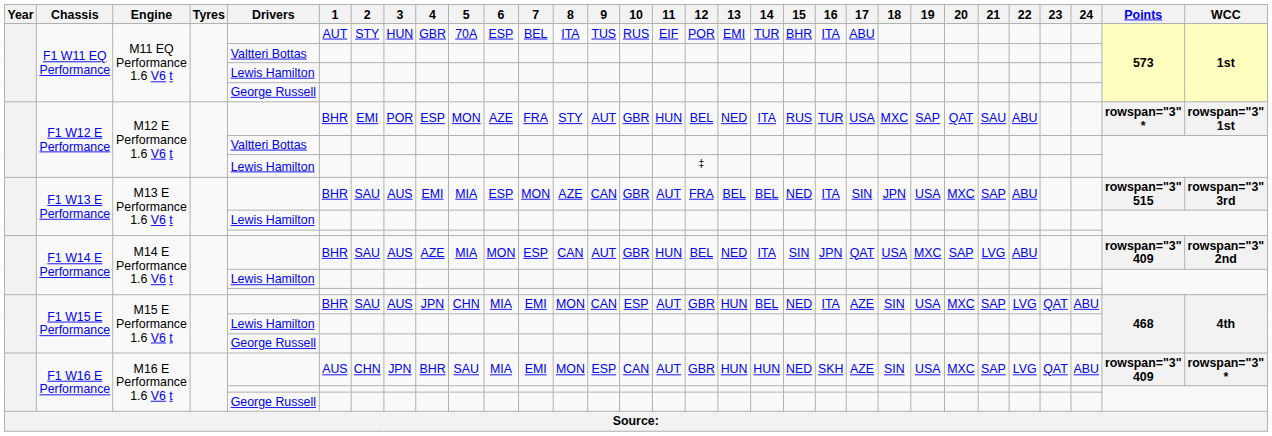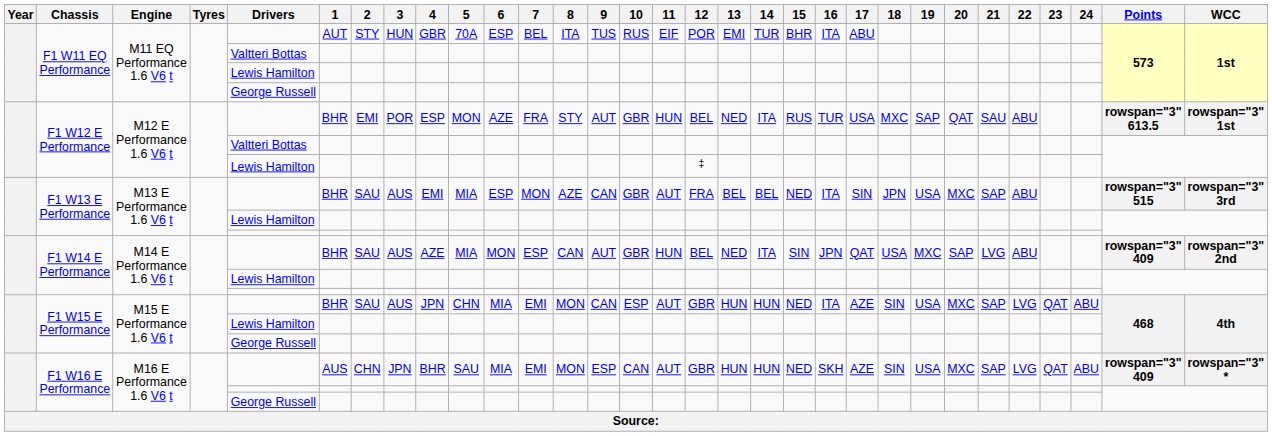 <table class="wikitable" style="text-align:center; font-size:85%">
 <tr>
 <th>Year</th>
 <th>Chassis</th>
 <th>Engine</th>
 <th>Tyres</th>
 <th>Drivers</th>
 <th>1</th>
 <th>2</th>
 <th>3</th>
 <th>4</th>
 <th>5</th>
 <th>6</th>
 <th>7</th>
 <th>8</th>
 <th>9</th>
 <th>10</th>
 <th>11</th>
 <th>12</th>
 <th>13</th>
 <th>14</th>
 <th>15</th>
 <th>16</th>
 <th>17</th>
 <th>18</th>
 <th>19</th>
 <th>20</th>
 <th>21</th>
 <th>22</th>
 <th>23</th>
 <th>24</th>
 <th><a href='#'>Points</a></th>
 <th>WCC</th>
 </tr>
 <tr>
 <th rowspan="4"></th>
 <td rowspan="4"><a href='#'>F1 W11 EQ Performance</a></td>
 <td rowspan="4">M11 EQ Performance 1.6 <a href='#'>V6</a> <a href='#'>t</a></td>
 <td rowspan="4"></td>
 <td></td>
 <td><a href='#'>AUT</a></td>
 <td><a href='#'>STY</a></td>
 <td><a href='#'>HUN</a></td>
 <td><a href='#'>GBR</a></td>
 <td><a href='#'>70A</a></td>
 <td><a href='#'>ESP</a></td>
 <td><a href='#'>BEL</a></td>
 <td><a href='#'>ITA</a></td>
 <td><a href='#'>TUS</a></td>
 <td><a href='#'>RUS</a></td>
 <td><a href='#'>EIF</a></td>
 <td><a href='#'>POR</a></td>
 <td><a href='#'>EMI</a></td>
 <td><a href='#'>TUR</a></td>
 <td><a href='#'>BHR</a></td>
 <td><a href='#'>ITA</a></td>
 <td><a href='#'>ABU</a></td>
 <td></td>
 <td></td>
 <td></td>
 <td></td>
 <td></td>
 <td></td>
 <td></td>
 <th rowspan="4" style="background-color:#ffffbf">573</th>
 <th rowspan="4" style="background-color:#ffffbf">1st</th>
 </tr>
 <tr>
 <td align="left"> <a href='#'>Valtteri Bottas</a></td>
 <td></td>
 <td></td>
 <td></td>
 <td></td>
 <td></td>
 <td></td>
 <td></td>
 <td></td>
 <td></td>
 <td></td>
 <td></td>
 <td></td>
 <td></td>
 <td></td>
 <td></td>
 <td></td>
 <td></td>
 <td></td>
 <td></td>
 <td></td>
 <td></td>
 <td></td>
 <td></td>
 <td></td>
 </tr>
 <tr>
 <td nowrap align="left"> <a href='#'>Lewis Hamilton</a></td>
 <td></td>
 <td></td>
 <td></td>
 <td></td>
 <td></td>
 <td></td>
 <td></td>
 <td></td>
 <td></td>
 <td></td>
 <td></td>
 <td></td>
 <td></td>
 <td></td>
 <td></td>
 <td></td>
 <td></td>
 <td></td>
 <td></td>
 <td></td>
 <td></td>
 <td></td>
 <td></td>
 <td></td>
 </tr>
 <tr>
 <td align="left" nowrap> <a href='#'>George Russell</a></td>
 <td></td>
 <td></td>
 <td></td>
 <td></td>
 <td></td>
 <td></td>
 <td></td>
 <td></td>
 <td></td>
 <td></td>
 <td></td>
 <td></td>
 <td></td>
 <td></td>
 <td></td>
 <td></td>
 <td></td>
 <td></td>
 <td></td>
 <td></td>
 <td></td>
 <td></td>
 <td></td>
 <td></td>
 </tr>
 <tr>
 <th rowspan="3"></th>
 <td rowspan="3"><a href='#'>F1 W12 E Performance</a></td>
 <td rowspan="3">M12 E Performance 1.6 <a href='#'>V6</a> <a href='#'>t</a></td>
 <td rowspan="3"></td>
 <td></td>
 <td><a href='#'>BHR</a></td>
 <td><a href='#'>EMI</a></td>
 <td><a href='#'>POR</a></td>
 <td><a href='#'>ESP</a></td>
 <td><a href='#'>MON</a></td>
 <td><a href='#'>AZE</a></td>
 <td><a href='#'>FRA</a></td>
 <td><a href='#'>STY</a></td>
 <td><a href='#'>AUT</a></td>
 <td><a href='#'>GBR</a></td>
 <td><a href='#'>HUN</a></td>
 <td><a href='#'>BEL</a></td>
 <td><a href='#'>NED</a></td>
 <td><a href='#'>ITA</a></td>
 <td><a href='#'>RUS</a></td>
 <td><a href='#'>TUR</a></td>
 <td><a href='#'>USA</a></td>
 <td><a href='#'>MXC</a></td>
 <td><a href='#'>SAP</a></td>
 <td><a href='#'>QAT</a></td>
 <td><a href='#'>SAU</a></td>
 <td><a href='#'>ABU</a></td>
 <td></td>
 <td></td>
-<th>rowspan="3" *</th>
+<th>rowspan="3"  613.5</th>
 <th>rowspan="3"  1st</th>
 </tr>
 <tr>
 <td align="left"> <a href='#'>Valtteri Bottas</a></td>
 <td></td>
 <td></td>
 <td></td>
 <td></td>
 <td></td>
 <td></td>
 <td></td>
 <td></td>
 <td></td>
 <td></td>
 <td></td>
 <td></td>
 <td></td>
 <td></td>
 <td></td>
 <td></td>
 <td></td>
 <td></td>
 <td></td>
 <td></td>
 <td></td>
 <td></td>
 <td></td>
 <td></td>
 </tr>
 <tr>
 <td align="left"> <a href='#'>Lewis Hamilton</a></td>
 <td></td>
 <td></td>
 <td></td>
 <td></td>
 <td></td>
 <td></td>
 <td></td>
 <td></td>
 <td></td>
 <td></td>
 <td></td>
 <td><sup>‡</sup></td>
 <td></td>
 <td></td>
 <td></td>
 <td></td>
 <td></td>
 <td></td>
 <td></td>
 <td></td>
 <td></td>
 <td></td>
 <td></td>
 <td></td>
 </tr>
 <tr>
 <th rowspan="3"></th>
 <td rowspan="3"><a href='#'>F1 W13 E Performance</a></td>
 <td rowspan="3">M13 E Performance 1.6 <a href='#'>V6</a> <a href='#'>t</a></td>
 <td rowspan="3"></td>
 <td></td>
 <td><a href='#'>BHR</a></td>
 <td><a href='#'>SAU</a></td>
 <td><a href='#'>AUS</a></td>
 <td><a href='#'>EMI</a></td>
 <td><a href='#'>MIA</a></td>
 <td><a href='#'>ESP</a></td>
 <td><a href='#'>MON</a></td>
 <td><a href='#'>AZE</a></td>
 <td><a href='#'>CAN</a></td>
 <td><a href='#'>GBR</a></td>
 <td><a href='#'>AUT</a></td>
 <td><a href='#'>FRA</a></td>
 <td><a href='#'>BEL</a></td>
 <td><a href='#'>BEL</a></td>
 <td><a href='#'>NED</a></td>
 <td><a href='#'>ITA</a></td>
 <td><a href='#'>SIN</a></td>
 <td><a href='#'>JPN</a></td>
 <td><a href='#'>USA</a></td>
 <td><a href='#'>MXC</a></td>
 <td><a href='#'>SAP</a></td>
 <td><a href='#'>ABU</a></td>
 <td></td>
 <td></td>
 <th>rowspan="3"  515</th>
 <th>rowspan="3"  3rd</th>
 </tr>
 <tr>
 <td align="left"> <a href='#'>Lewis Hamilton</a></td>
 <td></td>
 <td></td>
 <td></td>
 <td></td>
 <td></td>
 <td></td>
 <td></td>
 <td></td>
 <td></td>
 <td></td>
 <td></td>
 <td></td>
 <td></td>
 <td></td>
 <td></td>
 <td></td>
 <td></td>
 <td></td>
 <td></td>
 <td></td>
 <td></td>
 <td></td>
 <td></td>
 <td></td>
 </tr>
 <tr>
 <td align=left></td>
 <td></td>
 <td></td>
 <td></td>
 <td></td>
 <td></td>
 <td></td>
 <td></td>
 <td></td>
 <td></td>
 <td></td>
 <td></td>
 <td></td>
 <td></td>
 <td></td>
 <td></td>
 <td></td>
 <td></td>
 <td></td>
 <td></td>
 <td></td>
 <td></td>
 <td></td>
 <td></td>
 <td></td>
 </tr>
 <tr>
 <th rowspan="3"></th>
 <td rowspan="3"><a href='#'>F1 W14 E Performance</a></td>
 <td rowspan="3">M14 E Performance 1.6 <a href='#'>V6</a> <a href='#'>t</a></td>
 <td rowspan="3"></td>
 <td></td>
 <td><a href='#'>BHR</a></td>
 <td><a href='#'>SAU</a></td>
 <td><a href='#'>AUS</a></td>
 <td><a href='#'>AZE</a></td>
 <td><a href='#'>MIA</a></td>
 <td><a href='#'>MON</a></td>
 <td><a href='#'>ESP</a></td>
 <td><a href='#'>CAN</a></td>
 <td><a href='#'>AUT</a></td>
 <td><a href='#'>GBR</a></td>
 <td><a href='#'>HUN</a></td>
 <td><a href='#'>BEL</a></td>
 <td><a href='#'>NED</a></td>
 <td><a href='#'>ITA</a></td>
 <td><a href='#'>SIN</a></td>
 <td><a href='#'>JPN</a></td>
 <td><a href='#'>QAT</a></td>
 <td><a href='#'>USA</a></td>
 <td><a href='#'>MXC</a></td>
 <td><a href='#'>SAP</a></td>
 <td><a href='#'>LVG</a></td>
 <td><a href='#'>ABU</a></td>
 <td></td>
 <td></td>
 <th>rowspan="3"  409</th>
 <th>rowspan="3"  2nd</th>
 </tr>
 <tr>
 <td align="left"> <a href='#'>Lewis Hamilton</a></td>
 <td></td>
 <td></td>
 <td></td>
 <td></td>
 <td></td>
 <td></td>
 <td></td>
 <td></td>
 <td></td>
 <td></td>
 <td></td>
 <td></td>
 <td></td>
 <td></td>
 <td></td>
 <td></td>
 <td></td>
 <td></td>
 <td></td>
 <td></td>
 <td></td>
 <td></td>
 <td></td>
 <td></td>
 </tr>
 <tr>
 <td align=left></td>
 <td></td>
 <td></td>
 <td></td>
 <td></td>
 <td></td>
 <td></td>
 <td></td>
 <td></td>
 <td></td>
 <td></td>
 <td></td>
 <td></td>
 <td></td>
 <td></td>
 <td></td>
 <td></td>
 <td></td>
 <td></td>
 <td></td>
 <td></td>
 <td></td>
 <td></td>
 <td></td>
 <td></td>
 </tr>
 <tr>
 <th rowspan="3"></th>
 <td rowspan="3"><a href='#'>F1 W15 E Performance</a></td>
 <td rowspan="3">M15 E Performance 1.6 <a href='#'>V6</a> <a href='#'>t</a></td>
 <td rowspan="3"></td>
 <td></td>
 <td><a href='#'>BHR</a></td>
 <td><a href='#'>SAU</a></td>
 <td><a href='#'>AUS</a></td>
 <td><a href='#'>JPN</a></td>
 <td><a href='#'>CHN</a></td>
 <td><a href='#'>MIA</a></td>
 <td><a href='#'>EMI</a></td>
 <td><a href='#'>MON</a></td>
 <td><a href='#'>CAN</a></td>
 <td><a href='#'>ESP</a></td>
 <td><a href='#'>AUT</a></td>
 <td><a href='#'>GBR</a></td>
 <td><a href='#'>HUN</a></td>
-<td><a href='#'>BEL</a></td>
+<td><a href='#'>HUN</a></td>
 <td><a href='#'>NED</a></td>
 <td><a href='#'>ITA</a></td>
 <td><a href='#'>AZE</a></td>
 <td><a href='#'>SIN</a></td>
 <td><a href='#'>USA</a></td>
 <td><a href='#'>MXC</a></td>
 <td><a href='#'>SAP</a></td>
 <td><a href='#'>LVG</a></td>
 <td><a href='#'>QAT</a></td>
 <td><a href='#'>ABU</a></td>
 <th rowspan="3">468</th>
 <th rowspan="3">4th</th>
 </tr>
 <tr>
 <td align="left"> <a href='#'>Lewis Hamilton</a></td>
 <td></td>
 <td></td>
 <td></td>
 <td></td>
 <td></td>
 <td></td>
 <td></td>
 <td></td>
 <td></td>
 <td></td>
 <td></td>
 <td></td>
 <td></td>
 <td></td>
 <td></td>
 <td></td>
 <td></td>
 <td></td>
 <td></td>
 <td></td>
 <td></td>
 <td></td>
 <td></td>
 <td></td>
 </tr>
 <tr>
 <td align=left> <a href='#'>George Russell</a></td>
 <td></td>
 <td></td>
 <td></td>
 <td></td>
 <td></td>
 <td></td>
 <td></td>
 <td></td>
 <td></td>
 <td></td>
 <td></td>
 <td></td>
 <td></td>
 <td></td>
 <td></td>
 <td></td>
 <td></td>
 <td></td>
 <td></td>
 <td></td>
 <td></td>
 <td></td>
 <td></td>
 <td></td>
 </tr>
 <tr>
 <th rowspan="3"></th>
 <td rowspan="3"><a href='#'>F1 W16 E Performance</a></td>
 <td rowspan="3">M16 E Performance 1.6 <a href='#'>V6</a> <a href='#'>t</a></td>
 <td rowspan="3"></td>
 <td></td>
 <td><a href='#'>AUS</a></td>
 <td><a href='#'>CHN</a></td>
 <td><a href='#'>JPN</a></td>
 <td><a href='#'>BHR</a></td>
 <td><a href='#'>SAU</a></td>
 <td><a href='#'>MIA</a></td>
 <td><a href='#'>EMI</a></td>
 <td><a href='#'>MON</a></td>
 <td><a href='#'>ESP</a></td>
 <td><a href='#'>CAN</a></td>
 <td><a href='#'>AUT</a></td>
 <td><a href='#'>GBR</a></td>
 <td><a href='#'>HUN</a></td>
 <td><a href='#'>HUN</a></td>
 <td><a href='#'>NED</a></td>
 <td><a href='#'>SKH</a></td>
 <td><a href='#'>AZE</a></td>
 <td><a href='#'>SIN</a></td>
 <td><a href='#'>USA</a></td>
 <td><a href='#'>MXC</a></td>
 <td><a href='#'>SAP</a></td>
 <td><a href='#'>LVG</a></td>
 <td><a href='#'>QAT</a></td>
 <td><a href='#'>ABU</a></td>
 <th>rowspan="3"  409</th>
 <th>rowspan="3" *</th>
 </tr>
 <tr>
 <td align=left></td>
 <td></td>
 <td></td>
 <td></td>
 <td></td>
 <td></td>
 <td></td>
 <td></td>
 <td></td>
 <td></td>
 <td></td>
 <td></td>
 <td></td>
 <td></td>
 <td></td>
 <td></td>
 <td></td>
 <td></td>
 <td></td>
 <td></td>
 <td></td>
 <td></td>
 <td></td>
 <td></td>
 <td></td>
 </tr>
 <tr>
 <td align=left> <a href='#'>George Russell</a></td>
 <td></td>
 <td></td>
 <td></td>
 <td></td>
 <td></td>
 <td></td>
 <td></td>
 <td></td>
 <td></td>
 <td></td>
 <td></td>
 <td></td>
 <td></td>
 <td></td>
 <td></td>
 <td></td>
 <td></td>
 <td></td>
 <td></td>
 <td></td>
 <td></td>
 <td></td>
 <td></td>
 <td></td>
 </tr>
 <tr>
 <th colspan="31">Source:</th>
 </tr>
 </table>
